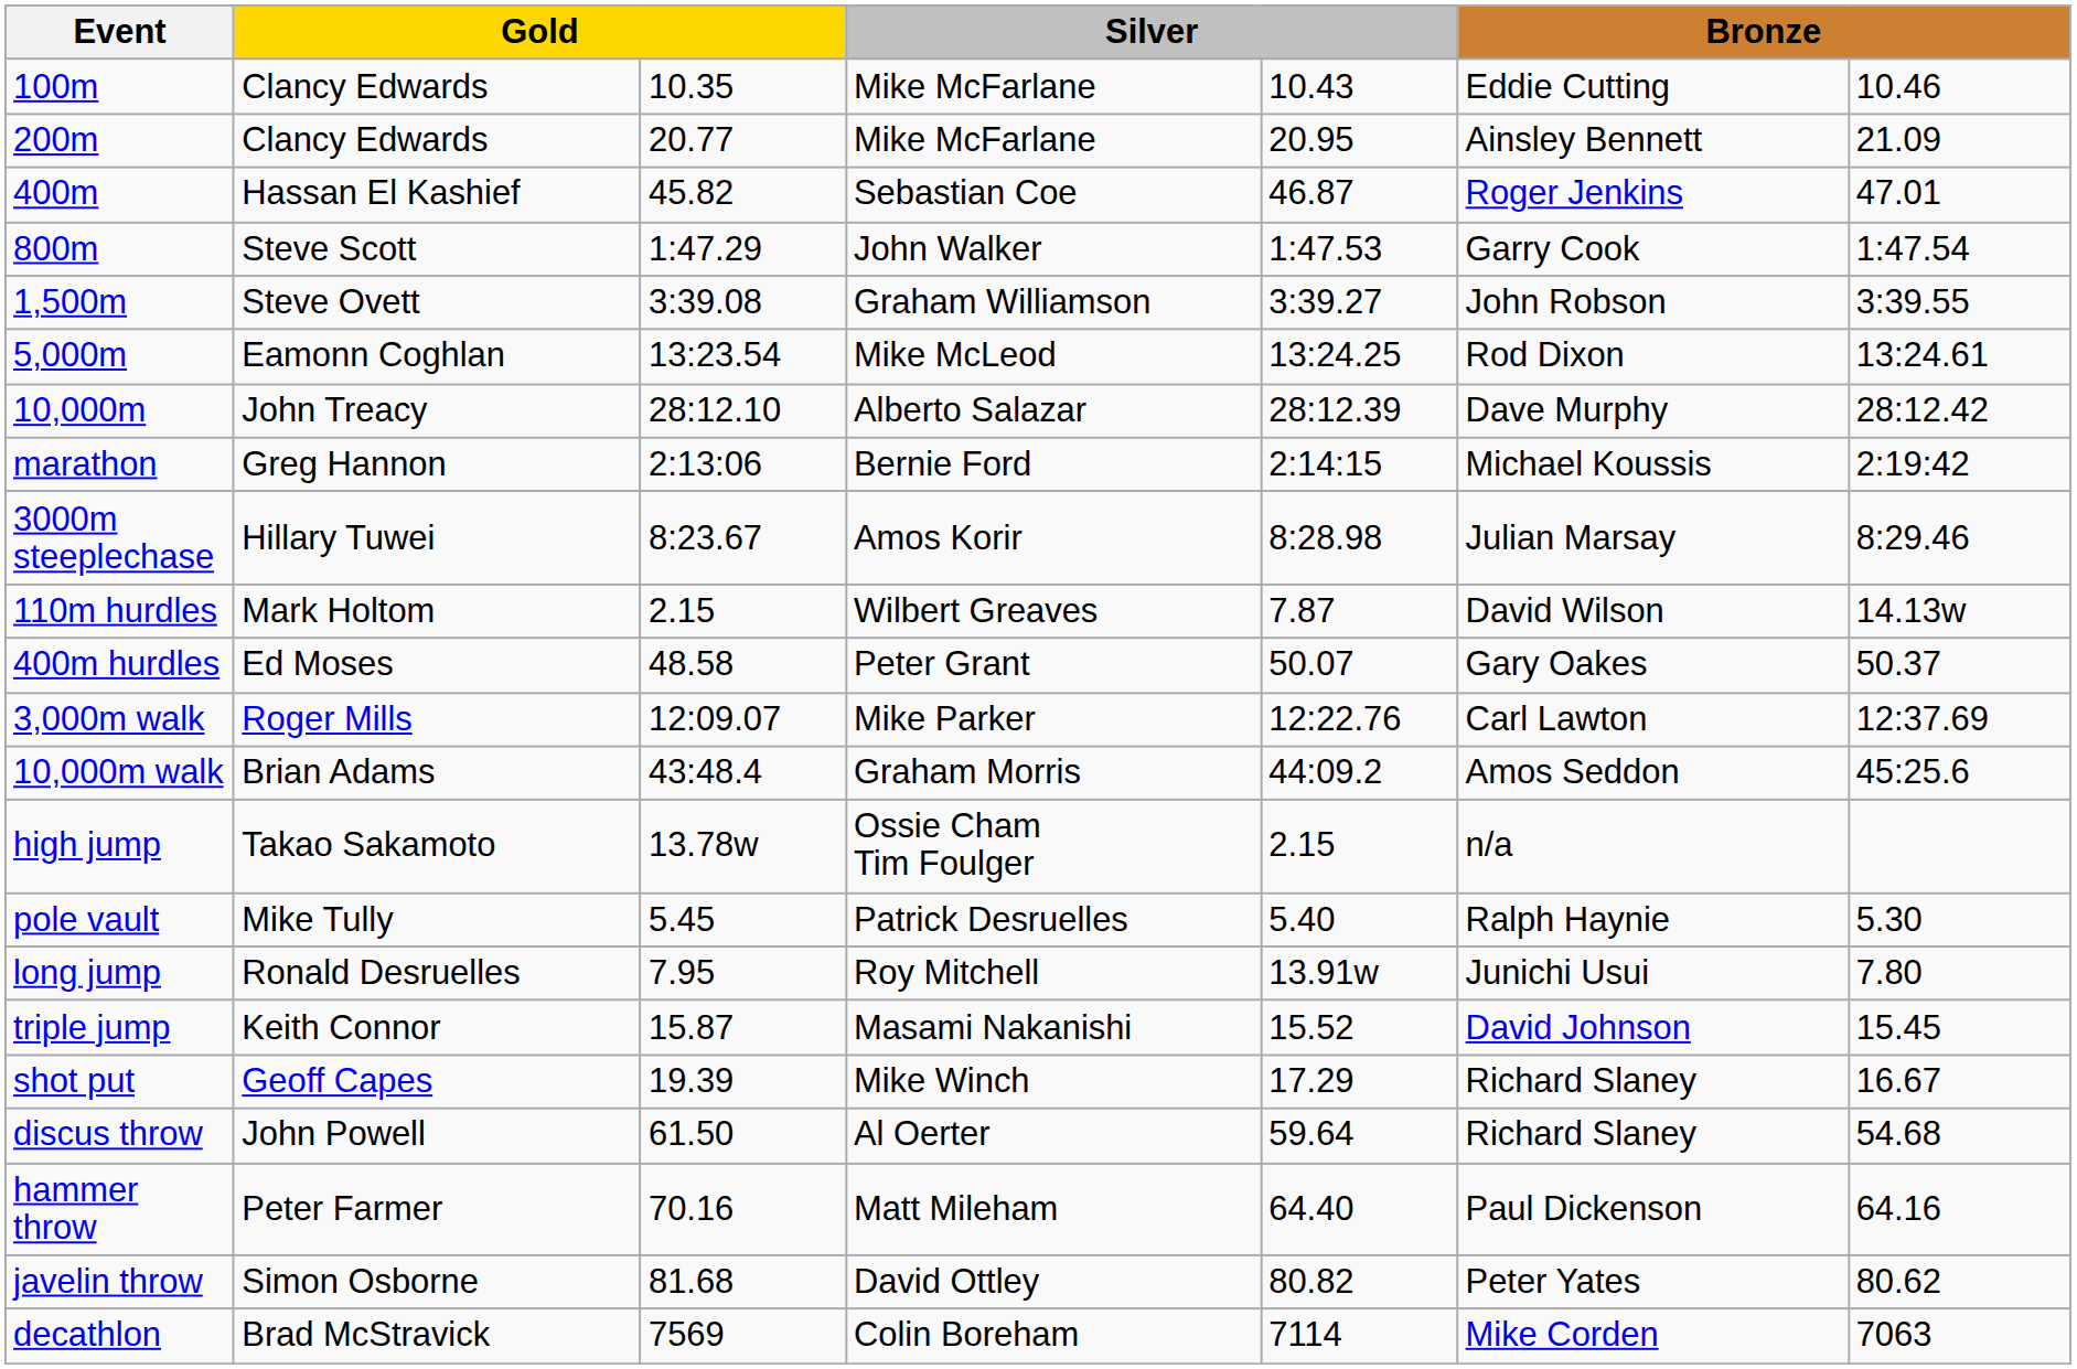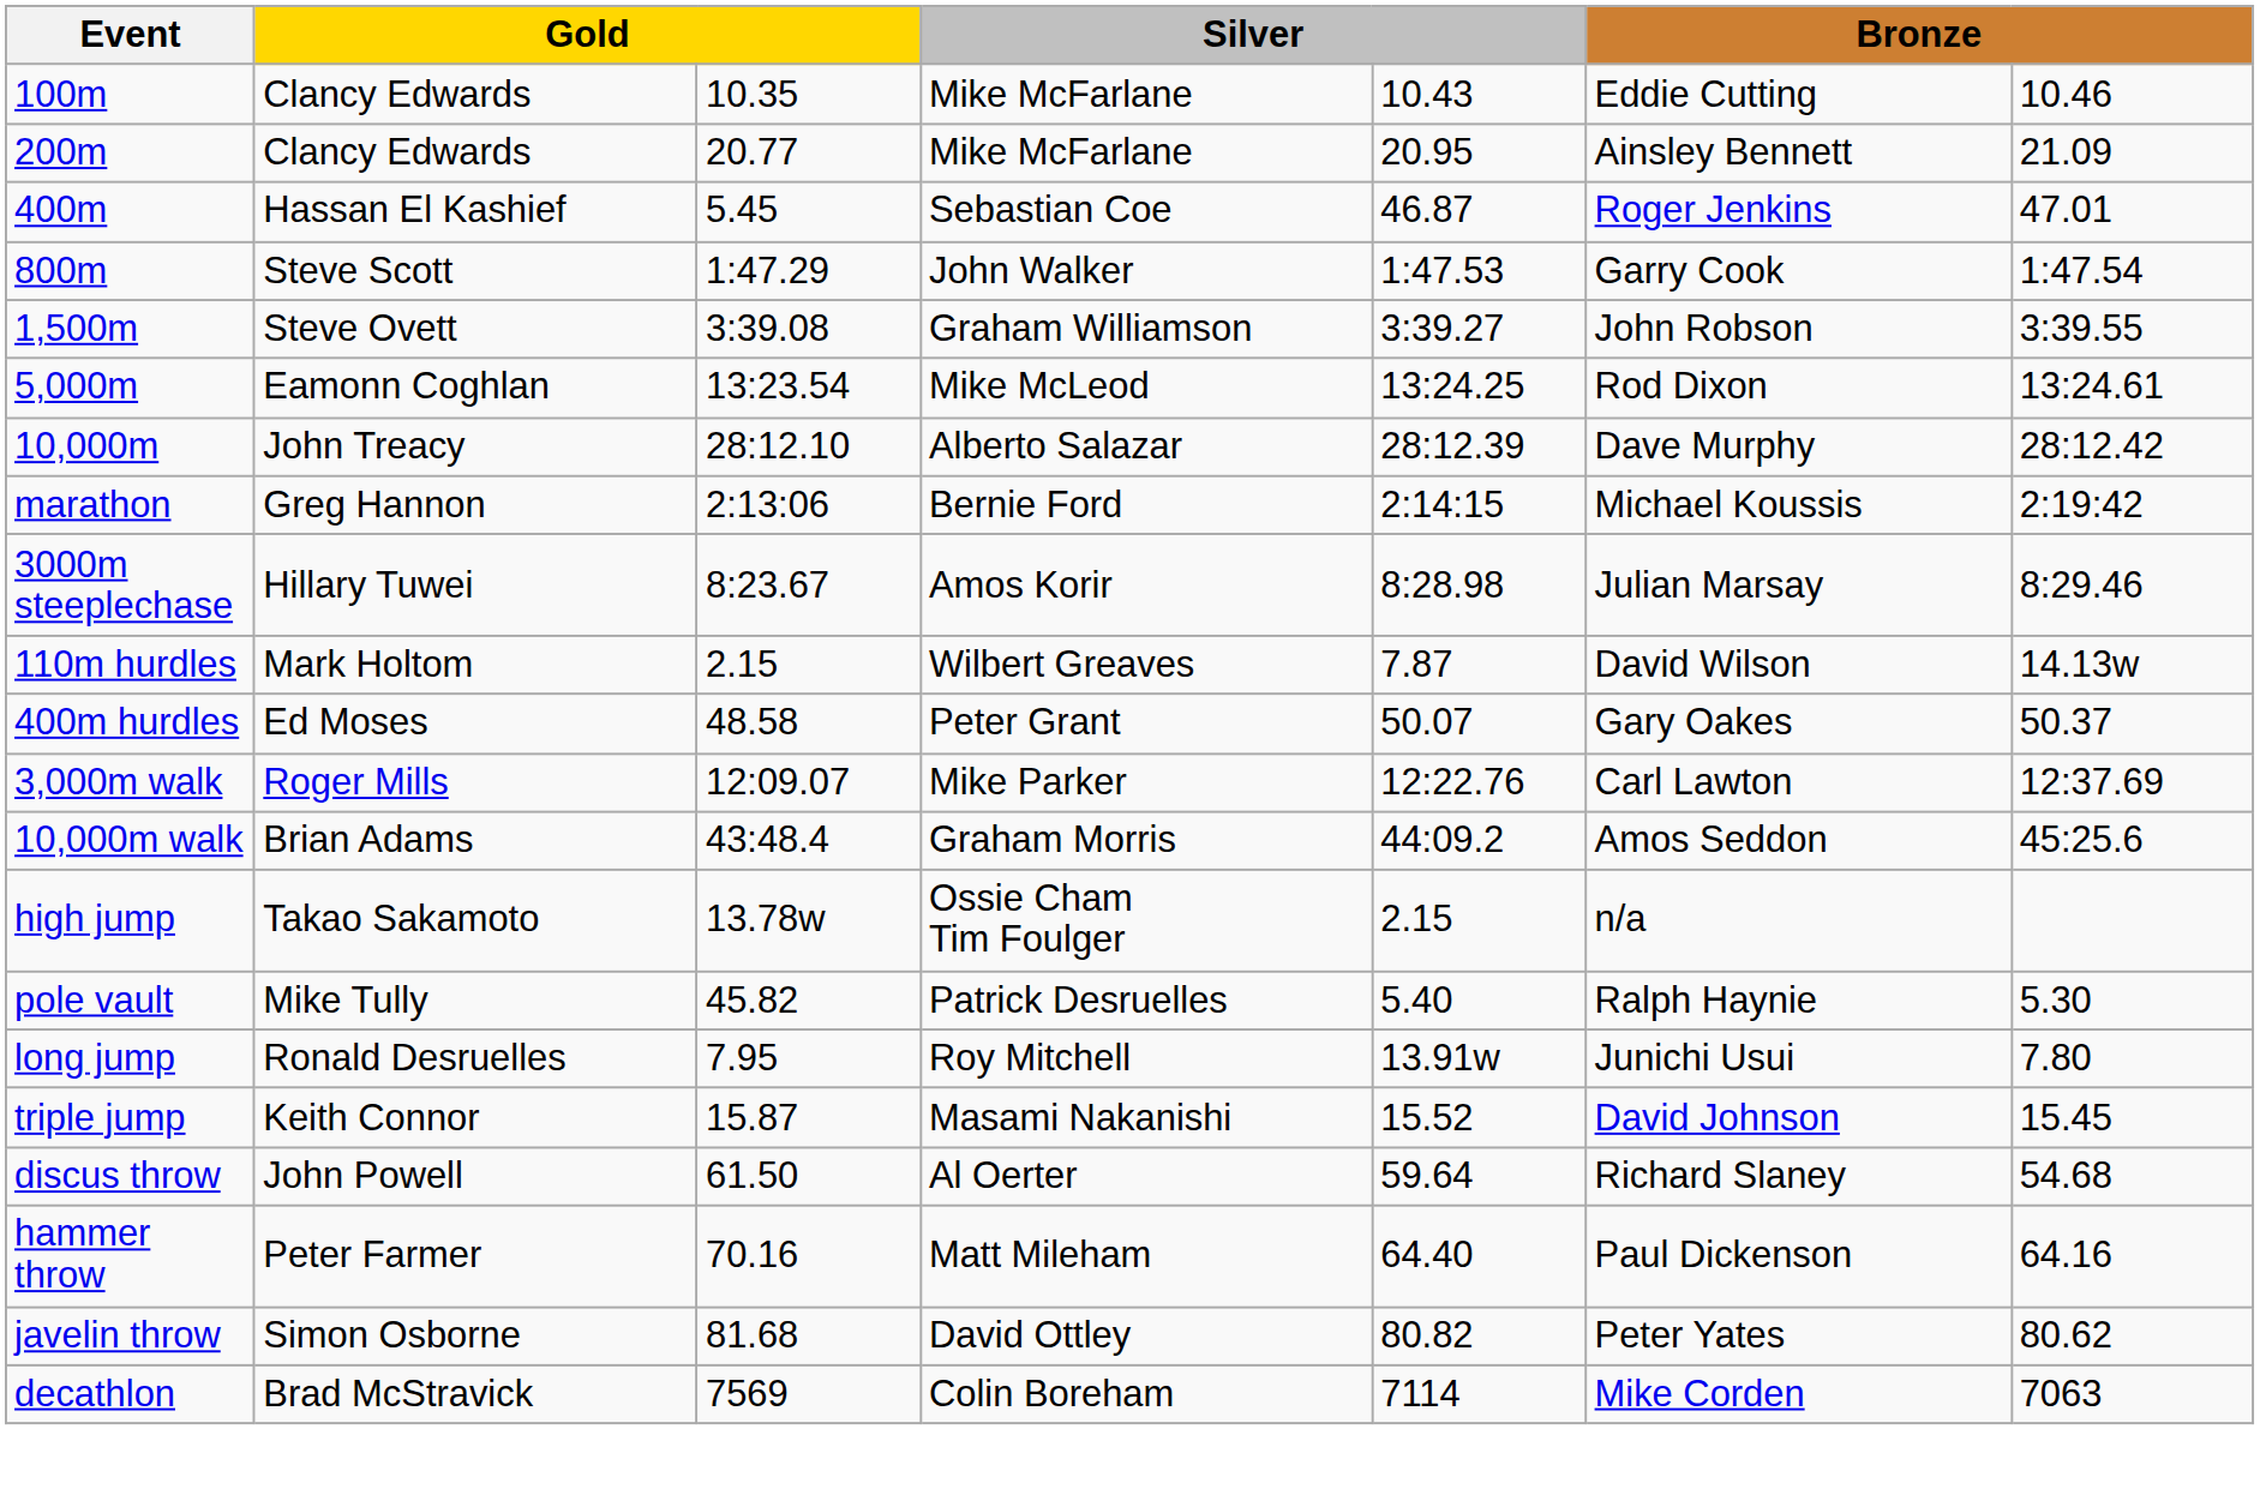 <table class="wikitable" style="text-align:left">
 <tr>
 <th width=100>Event</th>
 <th colspan="2" width="280" style="background:gold;">Gold</th>
 <th colspan="2" width="280" style="background:silver;">Silver</th>
 <th colspan="2" width="280" style="background:#CD7F32;">Bronze</th>
 </tr>
 <tr>
 <td><a href='#'>100m</a></td>
 <td> Clancy Edwards</td>
 <td>10.35</td>
 <td>Mike McFarlane</td>
 <td>10.43</td>
 <td>Eddie Cutting</td>
 <td>10.46</td>
 </tr>
 <tr>
 <td><a href='#'>200m</a></td>
 <td> Clancy Edwards</td>
 <td>20.77</td>
 <td>Mike McFarlane</td>
 <td>20.95</td>
 <td>Ainsley Bennett</td>
 <td>21.09</td>
 </tr>
 <tr>
 <td><a href='#'>400m</a></td>
 <td> Hassan El Kashief</td>
-<td>45.82</td>
+<td>5.45</td>
 <td>Sebastian Coe</td>
 <td>46.87</td>
 <td> <a href='#'>Roger Jenkins</a></td>
 <td>47.01</td>
 </tr>
 <tr>
 <td><a href='#'>800m</a></td>
 <td> Steve Scott</td>
 <td>1:47.29</td>
 <td> John Walker</td>
 <td>1:47.53</td>
 <td>Garry Cook</td>
 <td>1:47.54</td>
 </tr>
 <tr>
 <td><a href='#'>1,500m</a></td>
 <td>Steve Ovett</td>
 <td>3:39.08</td>
 <td>Graham Williamson</td>
 <td>3:39.27</td>
 <td> John Robson</td>
 <td>3:39.55</td>
 </tr>
 <tr>
 <td><a href='#'>5,000m</a></td>
 <td> Eamonn Coghlan</td>
 <td>13:23.54</td>
 <td>Mike McLeod</td>
 <td>13:24.25</td>
 <td> Rod Dixon</td>
 <td>13:24.61</td>
 </tr>
 <tr>
 <td><a href='#'>10,000m</a></td>
 <td> John Treacy</td>
 <td>28:12.10</td>
 <td>  Alberto Salazar</td>
 <td>28:12.39</td>
 <td>Dave Murphy</td>
 <td>28:12.42</td>
 </tr>
 <tr>
 <td><a href='#'>marathon</a></td>
 <td>Greg Hannon</td>
 <td>2:13:06</td>
 <td>Bernie Ford</td>
 <td>2:14:15</td>
 <td> Michael Koussis</td>
 <td>2:19:42</td>
 </tr>
 <tr>
 <td><a href='#'>3000m steeplechase</a></td>
 <td> Hillary Tuwei</td>
 <td>8:23.67</td>
 <td> Amos Korir</td>
 <td>8:28.98</td>
 <td>Julian Marsay</td>
 <td>8:29.46</td>
 </tr>
 <tr>
 <td><a href='#'>110m hurdles</a></td>
 <td>Mark Holtom</td>
 <td>2.15</td>
 <td>Wilbert Greaves</td>
 <td>7.87</td>
 <td> David Wilson</td>
 <td>14.13w</td>
 </tr>
 <tr>
 <td><a href='#'>400m hurdles</a></td>
 <td> Ed Moses</td>
 <td>48.58</td>
 <td> Peter Grant</td>
 <td>50.07</td>
 <td>Gary Oakes</td>
 <td>50.37</td>
 </tr>
 <tr>
 <td><a href='#'>3,000m walk</a></td>
 <td><a href='#'>Roger Mills</a></td>
 <td>12:09.07</td>
 <td> Mike Parker</td>
 <td>12:22.76</td>
 <td>Carl Lawton</td>
 <td>12:37.69</td>
 </tr>
 <tr>
 <td><a href='#'>10,000m walk</a></td>
 <td>Brian Adams</td>
 <td>43:48.4</td>
 <td>Graham Morris</td>
 <td>44:09.2</td>
 <td>Amos Seddon</td>
 <td>45:25.6</td>
 </tr>
 <tr>
 <td><a href='#'>high jump</a></td>
 <td> Takao Sakamoto</td>
 <td>13.78w</td>
 <td>Ossie Cham <br>Tim Foulger</td>
 <td>2.15</td>
 <td>n/a</td>
 <td></td>
 </tr>
 <tr>
 <td><a href='#'>pole vault</a></td>
 <td> Mike Tully</td>
-<td>5.45</td>
+<td>45.82</td>
 <td> Patrick Desruelles</td>
 <td>5.40</td>
 <td> Ralph Haynie</td>
 <td>5.30</td>
 </tr>
 <tr>
 <td><a href='#'>long jump</a></td>
 <td> Ronald Desruelles</td>
 <td>7.95</td>
 <td>Roy Mitchell</td>
 <td>13.91w</td>
 <td> Junichi Usui</td>
 <td>7.80</td>
 </tr>
 <tr>
 <td><a href='#'>triple jump</a></td>
 <td>Keith Connor</td>
 <td>15.87</td>
 <td> Masami Nakanishi</td>
 <td>15.52</td>
 <td><a href='#'>David Johnson</a></td>
 <td>15.45</td>
-</tr>
-<tr>
-<td><a href='#'>shot put</a></td>
-<td><a href='#'>Geoff Capes</a></td>
-<td>19.39</td>
-<td>Mike Winch</td>
-<td>17.29</td>
-<td>Richard Slaney</td>
-<td>16.67</td>
 </tr>
 <tr>
 <td><a href='#'>discus throw</a></td>
 <td> John Powell</td>
 <td>61.50</td>
 <td> Al Oerter</td>
 <td>59.64</td>
 <td>Richard Slaney</td>
 <td>54.68</td>
 </tr>
 <tr>
 <td><a href='#'>hammer throw</a></td>
 <td> Peter Farmer</td>
 <td>70.16</td>
 <td>Matt Mileham</td>
 <td>64.40</td>
 <td>Paul Dickenson</td>
 <td>64.16</td>
 </tr>
 <tr>
 <td><a href='#'>javelin throw</a></td>
 <td>Simon Osborne</td>
 <td>81.68</td>
 <td>David Ottley</td>
 <td>80.82</td>
 <td>Peter Yates</td>
 <td>80.62</td>
 </tr>
 <tr>
 <td><a href='#'>decathlon</a></td>
 <td> Brad McStravick</td>
 <td>7569</td>
 <td>Colin Boreham</td>
 <td>7114</td>
 <td><a href='#'>Mike Corden</a></td>
 <td>7063</td>
 </tr>
 </table>
